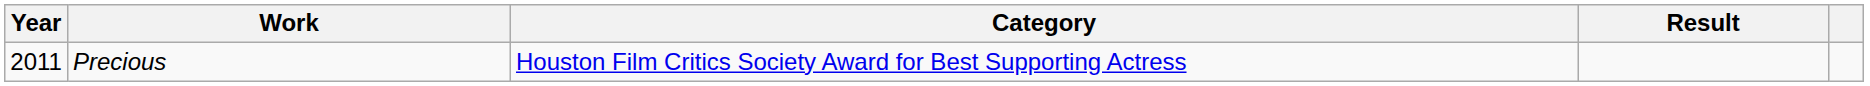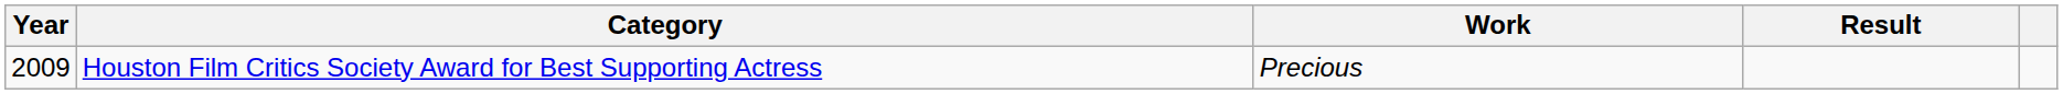 <table class="wikitable">
 <tr>
 <th scope="col" style="width:1em;">Year</th>
+<th scope="col" style="width:44em;">Category</th>
 <th scope="col" style="width:18em;">Work</th>
-<th scope="col" style="width:44em;">Category</th>
 <th scope="col" style="width:10em;">Result</th>
 <th class="unsortable" style="width:1em;"></th>
 </tr>
 <tr>
-<td>2011</td>
+<td>2009</td>
+<td><a href='#'>Houston Film Critics Society Award for Best Supporting Actress</a> </td>
 <td><em>Precious</em></td>
-<td><a href='#'>Houston Film Critics Society Award for Best Supporting Actress</a> </td>
 <td></td>
 <td></td>
 </tr>
 </table>
